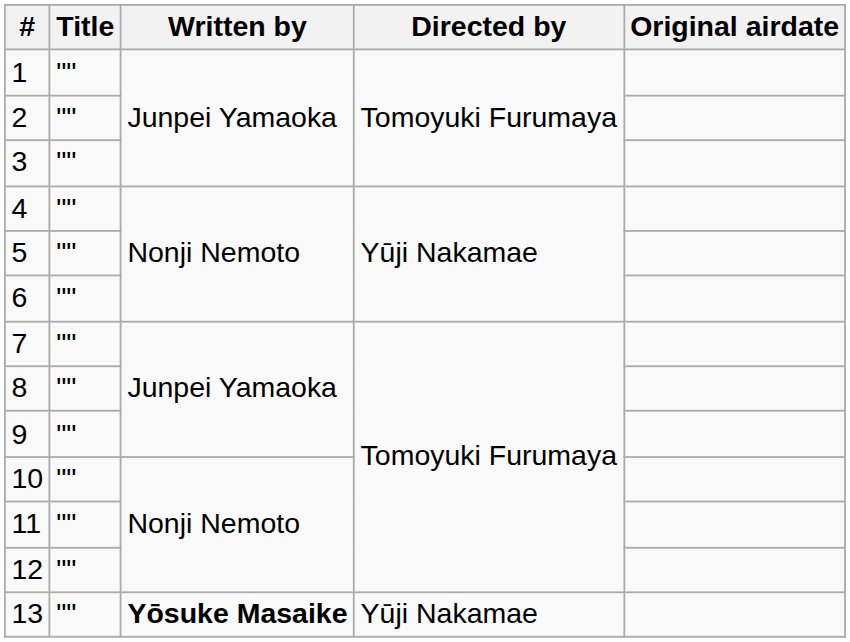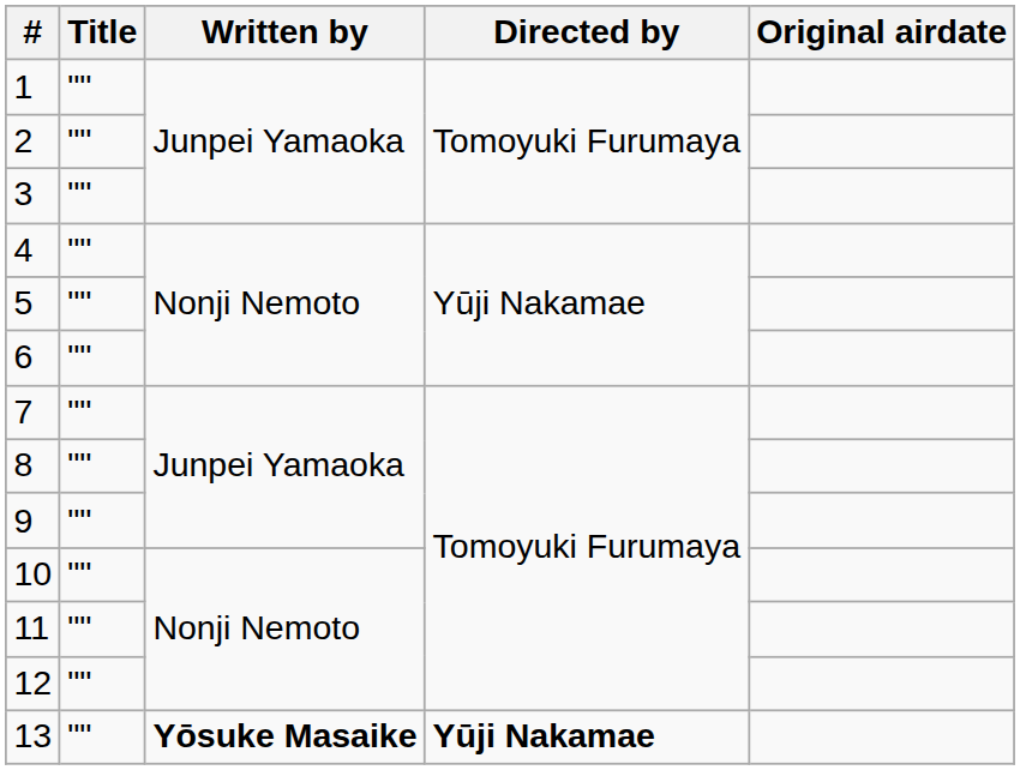 <table class="wikitable">
 <tr>
 <th>#</th>
 <th>Title</th>
 <th>Written by</th>
 <th>Directed by</th>
 <th>Original airdate</th>
 </tr>
 <tr>
 <td>1</td>
 <td>""</td>
 <td rowspan="3">Junpei Yamaoka</td>
 <td rowspan="3">Tomoyuki Furumaya</td>
 <td></td>
 </tr>
 <tr>
 <td>2</td>
 <td>""</td>
 <td></td>
 </tr>
 <tr>
 <td>3</td>
 <td>""</td>
 <td></td>
 </tr>
 <tr>
 <td>4</td>
 <td>""</td>
 <td rowspan="3">Nonji Nemoto</td>
 <td rowspan="3">Yūji Nakamae</td>
 <td></td>
 </tr>
 <tr>
 <td>5</td>
 <td>""</td>
 <td></td>
 </tr>
 <tr>
 <td>6</td>
 <td>""</td>
 <td></td>
 </tr>
 <tr>
 <td>7</td>
 <td>""</td>
 <td rowspan="3">Junpei Yamaoka</td>
 <td rowspan="6">Tomoyuki Furumaya</td>
 <td></td>
 </tr>
 <tr>
 <td>8</td>
 <td>""</td>
 <td></td>
 </tr>
 <tr>
 <td>9</td>
 <td>""</td>
 <td></td>
 </tr>
 <tr>
 <td>10</td>
 <td>""</td>
 <td rowspan="3">Nonji Nemoto</td>
 <td></td>
 </tr>
 <tr>
 <td>11</td>
 <td>""</td>
 <td></td>
 </tr>
 <tr>
 <td>12</td>
 <td>""</td>
 <td></td>
 </tr>
 <tr>
 <td>13</td>
 <td>""</td>
 <td><strong>Yōsuke Masaike</strong></td>
-<td>Yūji Nakamae</td>
+<td><strong>Yūji Nakamae</strong></td>
 <td></td>
 </tr>
 </table>
